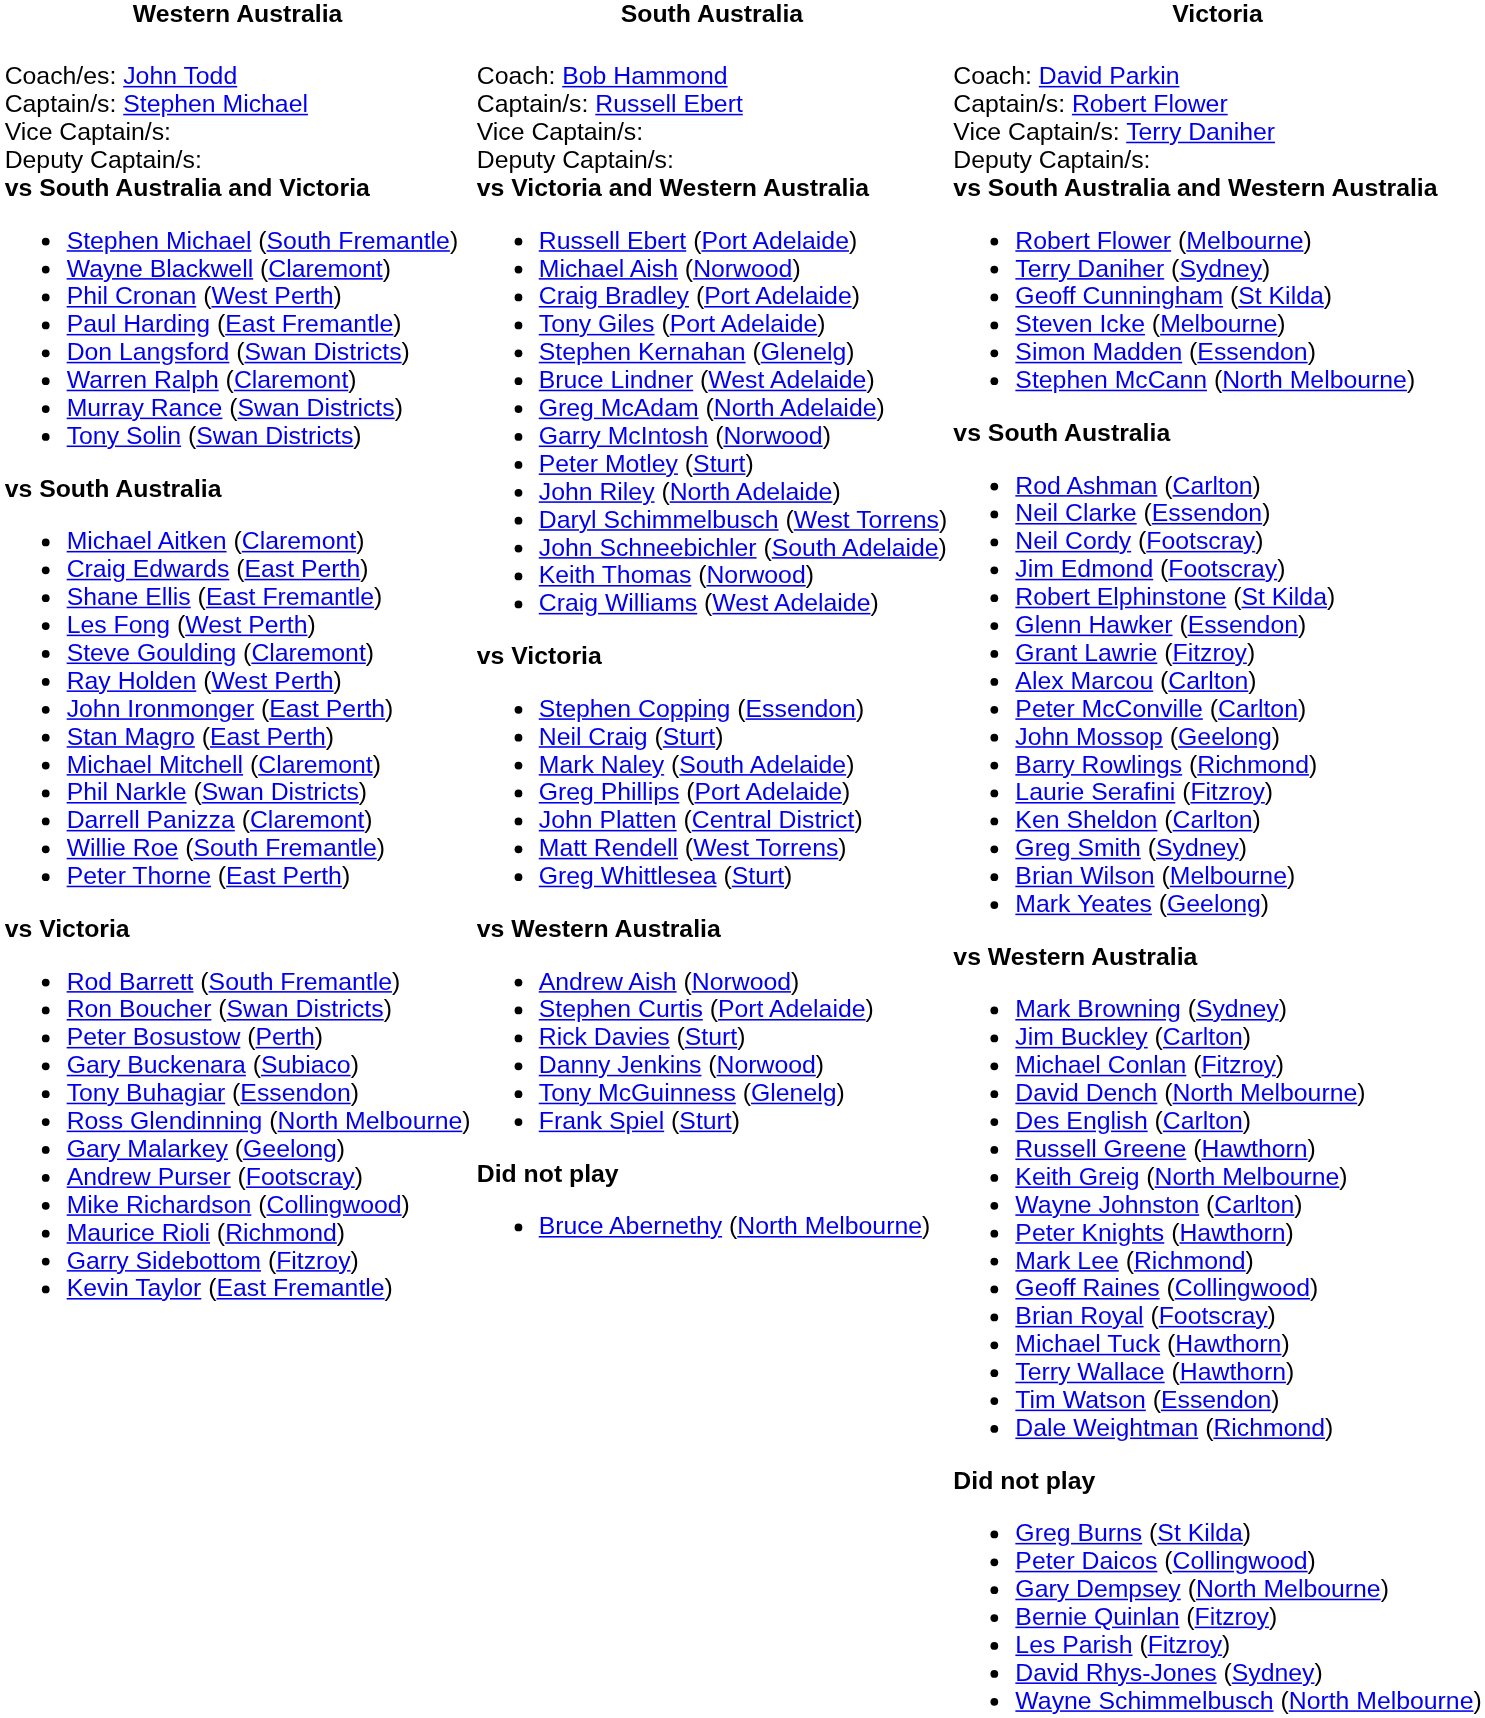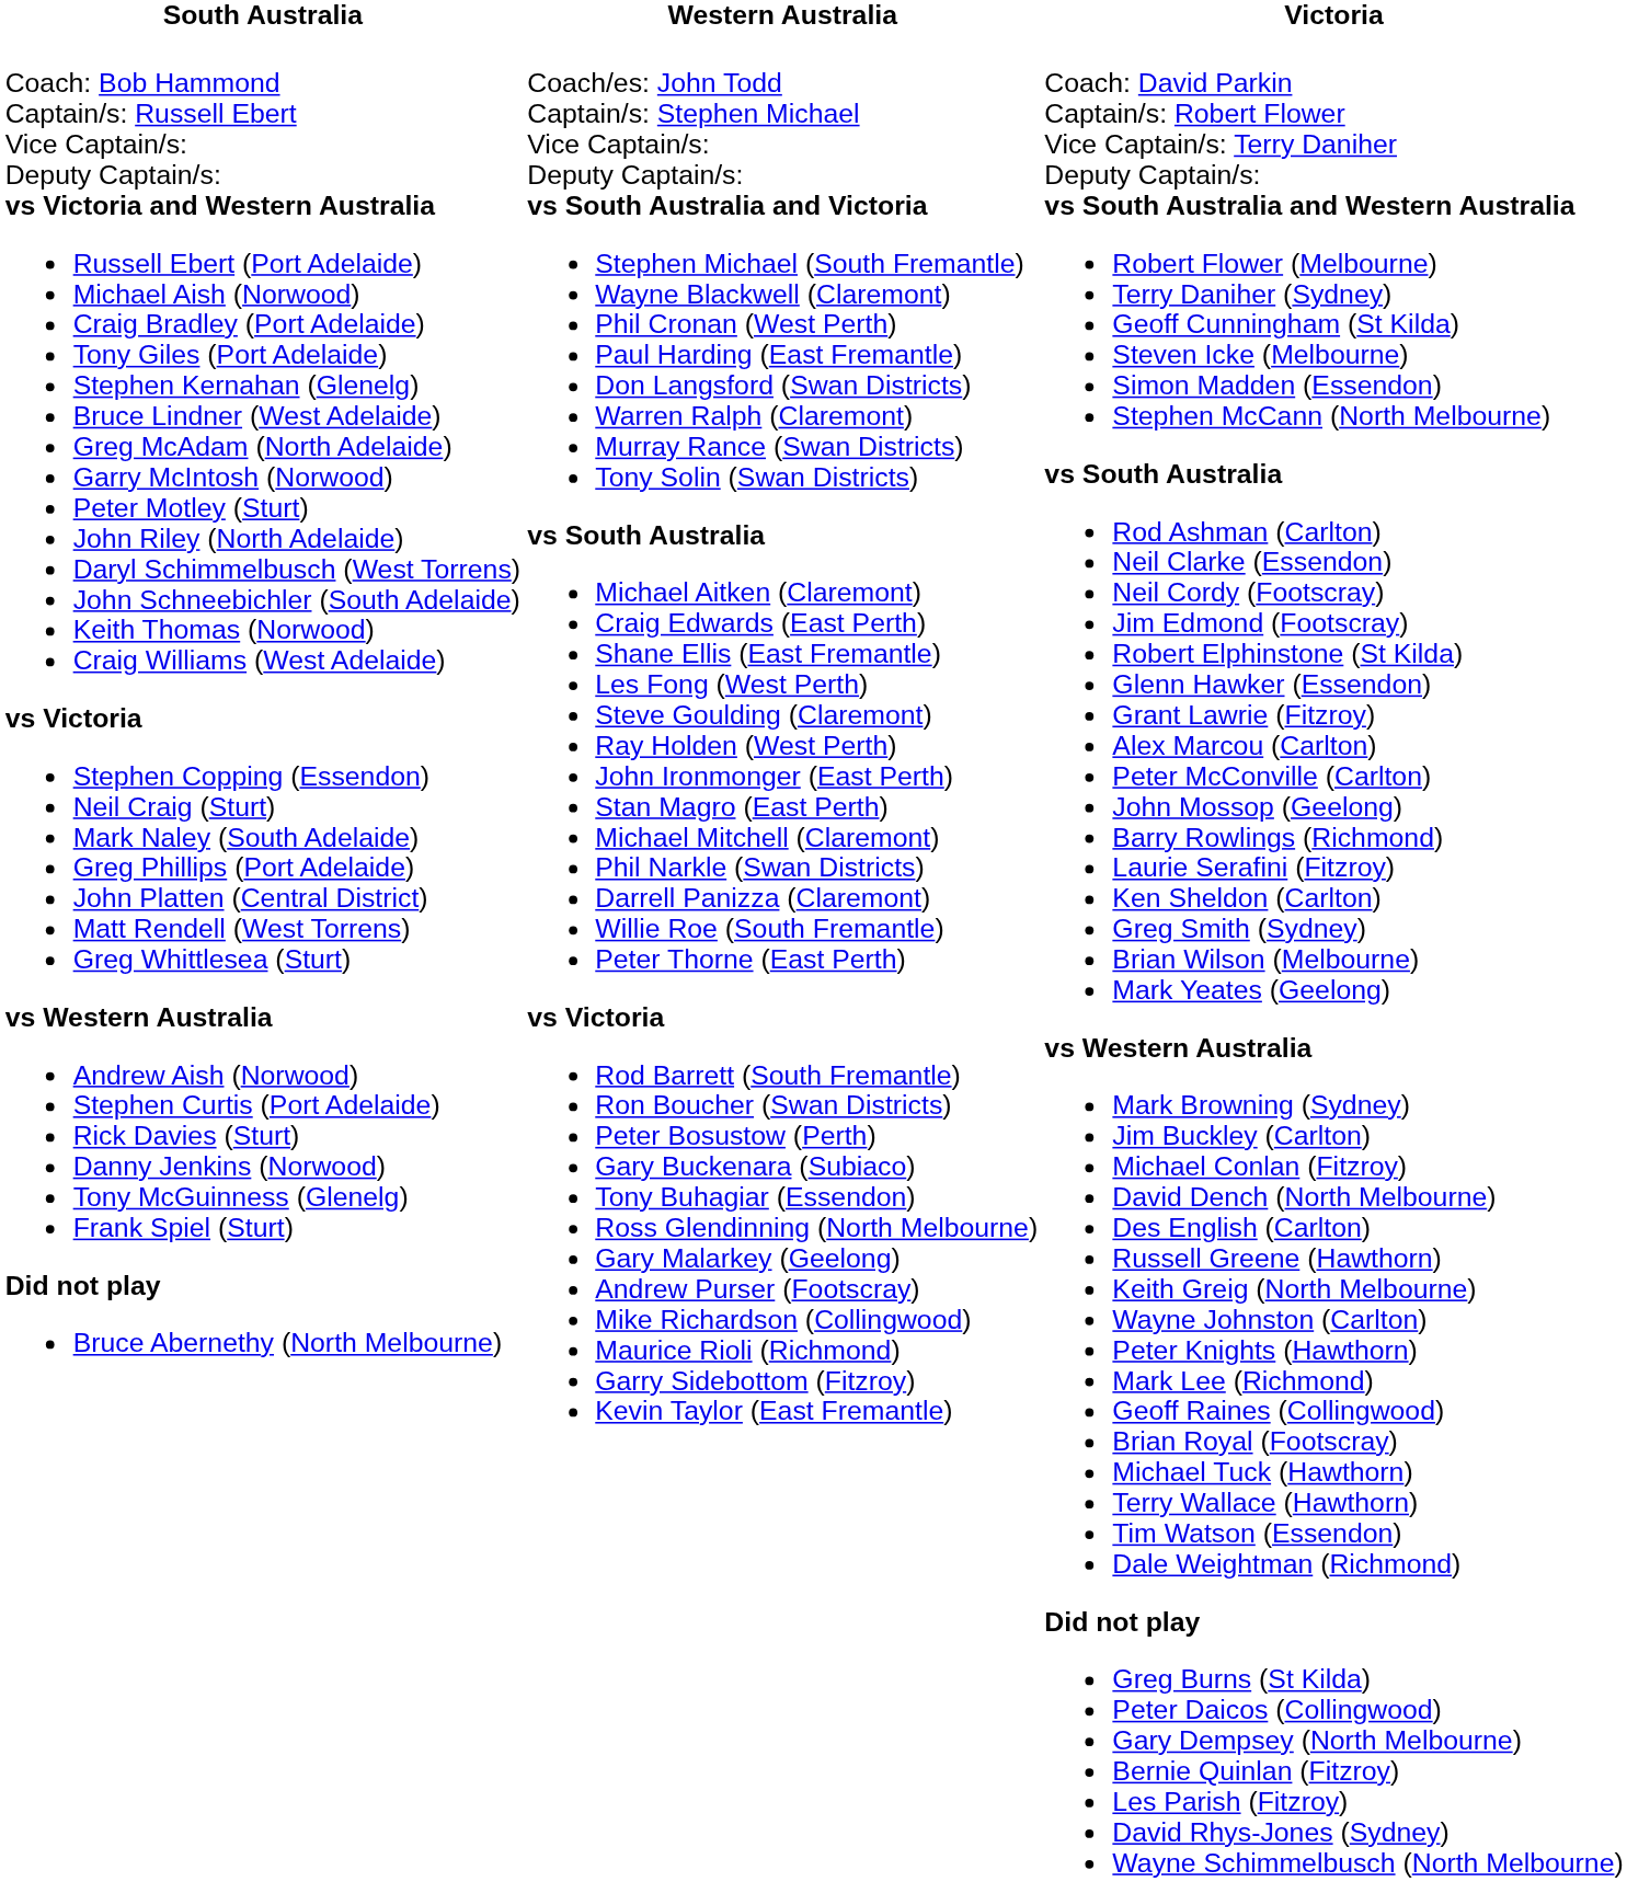 <table>
 <tr>
+<th><span>South Australia </span></th>
 <th><span>Western Australia </span></th>
-<th><span>South Australia </span></th>
 <th><span>Victoria </span></th>
 </tr>
 <tr valign="top">
+<td><br>Coach: <a href='#'>Bob Hammond</a> <br> Captain/s: <a href='#'>Russell Ebert</a> <br> Vice Captain/s: <br>  Deputy Captain/s: <br>  <strong>vs Victoria and Western Australia</strong><ul><li><a href='#'>Russell Ebert</a> (<a href='#'>Port Adelaide</a>)</li><li><a href='#'>Michael Aish</a> (<a href='#'>Norwood</a>)</li><li><a href='#'>Craig Bradley</a> (<a href='#'>Port Adelaide</a>)</li><li><a href='#'>Tony Giles</a> (<a href='#'>Port Adelaide</a>)</li><li><a href='#'>Stephen Kernahan</a> (<a href='#'>Glenelg</a>)</li><li><a href='#'>Bruce Lindner</a> (<a href='#'>West Adelaide</a>)</li><li><a href='#'>Greg McAdam</a> (<a href='#'>North Adelaide</a>)</li><li><a href='#'>Garry McIntosh</a> (<a href='#'>Norwood</a>)</li><li><a href='#'>Peter Motley</a> (<a href='#'>Sturt</a>)</li><li><a href='#'>John Riley</a> (<a href='#'>North Adelaide</a>)</li><li><a href='#'>Daryl Schimmelbusch</a> (<a href='#'>West Torrens</a>)</li><li><a href='#'>John Schneebichler</a> (<a href='#'>South Adelaide</a>)</li><li><a href='#'>Keith Thomas</a> (<a href='#'>Norwood</a>)</li><li><a href='#'>Craig Williams</a> (<a href='#'>West Adelaide</a>)</li></ul><strong>vs Victoria</strong><ul><li><a href='#'>Stephen Copping</a> (<a href='#'>Essendon</a>)</li><li><a href='#'>Neil Craig</a> (<a href='#'>Sturt</a>)</li><li><a href='#'>Mark Naley</a> (<a href='#'>South Adelaide</a>)</li><li><a href='#'>Greg Phillips</a> (<a href='#'>Port Adelaide</a>)</li><li><a href='#'>John Platten</a> (<a href='#'>Central District</a>)</li><li><a href='#'>Matt Rendell</a> (<a href='#'>West Torrens</a>)</li><li><a href='#'>Greg Whittlesea</a> (<a href='#'>Sturt</a>)</li></ul><strong>vs Western Australia</strong><ul><li><a href='#'>Andrew Aish</a> (<a href='#'>Norwood</a>)</li><li><a href='#'>Stephen Curtis</a> (<a href='#'>Port Adelaide</a>)</li><li><a href='#'>Rick Davies</a> (<a href='#'>Sturt</a>)</li><li><a href='#'>Danny Jenkins</a> (<a href='#'>Norwood</a>)</li><li><a href='#'>Tony McGuinness</a> (<a href='#'>Glenelg</a>)</li><li><a href='#'>Frank Spiel</a> (<a href='#'>Sturt</a>)</li></ul><strong>Did not play</strong><ul><li><a href='#'>Bruce Abernethy</a> (<a href='#'>North Melbourne</a>)</li></ul></td>
 <td><br>Coach/es: <a href='#'>John Todd</a> <br> Captain/s: <a href='#'>Stephen Michael</a> <br> Vice Captain/s: <br>  Deputy Captain/s: <br>  <strong>vs South Australia and Victoria</strong><ul><li><a href='#'>Stephen Michael</a> (<a href='#'>South Fremantle</a>)</li><li><a href='#'>Wayne Blackwell</a> (<a href='#'>Claremont</a>)</li><li><a href='#'>Phil Cronan</a> (<a href='#'>West Perth</a>)</li><li><a href='#'>Paul Harding</a> (<a href='#'>East Fremantle</a>)</li><li><a href='#'>Don Langsford</a> (<a href='#'>Swan Districts</a>)</li><li><a href='#'>Warren Ralph</a> (<a href='#'>Claremont</a>)</li><li><a href='#'>Murray Rance</a> (<a href='#'>Swan Districts</a>)</li><li><a href='#'>Tony Solin</a> (<a href='#'>Swan Districts</a>)</li></ul><strong>vs South Australia</strong><ul><li><a href='#'>Michael Aitken</a> (<a href='#'>Claremont</a>)</li><li><a href='#'>Craig Edwards</a> (<a href='#'>East Perth</a>)</li><li><a href='#'>Shane Ellis</a> (<a href='#'>East Fremantle</a>)</li><li><a href='#'>Les Fong</a> (<a href='#'>West Perth</a>)</li><li><a href='#'>Steve Goulding</a> (<a href='#'>Claremont</a>)</li><li><a href='#'>Ray Holden</a> (<a href='#'>West Perth</a>)</li><li><a href='#'>John Ironmonger</a> (<a href='#'>East Perth</a>)</li><li><a href='#'>Stan Magro</a> (<a href='#'>East Perth</a>)</li><li><a href='#'>Michael Mitchell</a> (<a href='#'>Claremont</a>)</li><li><a href='#'>Phil Narkle</a> (<a href='#'>Swan Districts</a>)</li><li><a href='#'>Darrell Panizza</a> (<a href='#'>Claremont</a>)</li><li><a href='#'>Willie Roe</a> (<a href='#'>South Fremantle</a>)</li><li><a href='#'>Peter Thorne</a> (<a href='#'>East Perth</a>)</li></ul><strong>vs Victoria</strong><ul><li><a href='#'>Rod Barrett</a> (<a href='#'>South Fremantle</a>)</li><li><a href='#'>Ron Boucher</a> (<a href='#'>Swan Districts</a>)</li><li><a href='#'>Peter Bosustow</a> (<a href='#'>Perth</a>)</li><li><a href='#'>Gary Buckenara</a> (<a href='#'>Subiaco</a>)</li><li><a href='#'>Tony Buhagiar</a> (<a href='#'>Essendon</a>)</li><li><a href='#'>Ross Glendinning</a> (<a href='#'>North Melbourne</a>)</li><li><a href='#'>Gary Malarkey</a> (<a href='#'>Geelong</a>)</li><li><a href='#'>Andrew Purser</a> (<a href='#'>Footscray</a>)</li><li><a href='#'>Mike Richardson</a> (<a href='#'>Collingwood</a>)</li><li><a href='#'>Maurice Rioli</a> (<a href='#'>Richmond</a>)</li><li><a href='#'>Garry Sidebottom</a> (<a href='#'>Fitzroy</a>)</li><li><a href='#'>Kevin Taylor</a> (<a href='#'>East Fremantle</a>)</li></ul></td>
-<td><br>Coach: <a href='#'>Bob Hammond</a> <br> Captain/s: <a href='#'>Russell Ebert</a> <br> Vice Captain/s: <br>  Deputy Captain/s: <br>  <strong>vs Victoria and Western Australia</strong><ul><li><a href='#'>Russell Ebert</a> (<a href='#'>Port Adelaide</a>)</li><li><a href='#'>Michael Aish</a> (<a href='#'>Norwood</a>)</li><li><a href='#'>Craig Bradley</a> (<a href='#'>Port Adelaide</a>)</li><li><a href='#'>Tony Giles</a> (<a href='#'>Port Adelaide</a>)</li><li><a href='#'>Stephen Kernahan</a> (<a href='#'>Glenelg</a>)</li><li><a href='#'>Bruce Lindner</a> (<a href='#'>West Adelaide</a>)</li><li><a href='#'>Greg McAdam</a> (<a href='#'>North Adelaide</a>)</li><li><a href='#'>Garry McIntosh</a> (<a href='#'>Norwood</a>)</li><li><a href='#'>Peter Motley</a> (<a href='#'>Sturt</a>)</li><li><a href='#'>John Riley</a> (<a href='#'>North Adelaide</a>)</li><li><a href='#'>Daryl Schimmelbusch</a> (<a href='#'>West Torrens</a>)</li><li><a href='#'>John Schneebichler</a> (<a href='#'>South Adelaide</a>)</li><li><a href='#'>Keith Thomas</a> (<a href='#'>Norwood</a>)</li><li><a href='#'>Craig Williams</a> (<a href='#'>West Adelaide</a>)</li></ul><strong>vs Victoria</strong><ul><li><a href='#'>Stephen Copping</a> (<a href='#'>Essendon</a>)</li><li><a href='#'>Neil Craig</a> (<a href='#'>Sturt</a>)</li><li><a href='#'>Mark Naley</a> (<a href='#'>South Adelaide</a>)</li><li><a href='#'>Greg Phillips</a> (<a href='#'>Port Adelaide</a>)</li><li><a href='#'>John Platten</a> (<a href='#'>Central District</a>)</li><li><a href='#'>Matt Rendell</a> (<a href='#'>West Torrens</a>)</li><li><a href='#'>Greg Whittlesea</a> (<a href='#'>Sturt</a>)</li></ul><strong>vs Western Australia</strong><ul><li><a href='#'>Andrew Aish</a> (<a href='#'>Norwood</a>)</li><li><a href='#'>Stephen Curtis</a> (<a href='#'>Port Adelaide</a>)</li><li><a href='#'>Rick Davies</a> (<a href='#'>Sturt</a>)</li><li><a href='#'>Danny Jenkins</a> (<a href='#'>Norwood</a>)</li><li><a href='#'>Tony McGuinness</a> (<a href='#'>Glenelg</a>)</li><li><a href='#'>Frank Spiel</a> (<a href='#'>Sturt</a>)</li></ul><strong>Did not play</strong><ul><li><a href='#'>Bruce Abernethy</a> (<a href='#'>North Melbourne</a>)</li></ul></td>
 <td><br>Coach: <a href='#'>David Parkin</a> <br> Captain/s: <a href='#'>Robert Flower</a> <br>  Vice Captain/s: <a href='#'>Terry Daniher</a> <br>  Deputy Captain/s: <br> <strong>vs South Australia and Western Australia</strong><ul><li><a href='#'>Robert Flower</a> (<a href='#'>Melbourne</a>)</li><li><a href='#'>Terry Daniher</a> (<a href='#'>Sydney</a>)</li><li><a href='#'>Geoff Cunningham</a> (<a href='#'>St Kilda</a>)</li><li><a href='#'>Steven Icke</a> (<a href='#'>Melbourne</a>)</li><li><a href='#'>Simon Madden</a> (<a href='#'>Essendon</a>)</li><li><a href='#'>Stephen McCann</a> (<a href='#'>North Melbourne</a>)</li></ul><strong>vs South Australia</strong><ul><li><a href='#'>Rod Ashman</a> (<a href='#'>Carlton</a>)</li><li><a href='#'>Neil Clarke</a> (<a href='#'>Essendon</a>)</li><li><a href='#'>Neil Cordy</a> (<a href='#'>Footscray</a>)</li><li><a href='#'>Jim Edmond</a> (<a href='#'>Footscray</a>)</li><li><a href='#'>Robert Elphinstone</a> (<a href='#'>St Kilda</a>)</li><li><a href='#'>Glenn Hawker</a> (<a href='#'>Essendon</a>)</li><li><a href='#'>Grant Lawrie</a> (<a href='#'>Fitzroy</a>)</li><li><a href='#'>Alex Marcou</a> (<a href='#'>Carlton</a>)</li><li><a href='#'>Peter McConville</a> (<a href='#'>Carlton</a>)</li><li><a href='#'>John Mossop</a> (<a href='#'>Geelong</a>)</li><li><a href='#'>Barry Rowlings</a> (<a href='#'>Richmond</a>)</li><li><a href='#'>Laurie Serafini</a> (<a href='#'>Fitzroy</a>)</li><li><a href='#'>Ken Sheldon</a> (<a href='#'>Carlton</a>)</li><li><a href='#'>Greg Smith</a> (<a href='#'>Sydney</a>)</li><li><a href='#'>Brian Wilson</a> (<a href='#'>Melbourne</a>)</li><li><a href='#'>Mark Yeates</a> (<a href='#'>Geelong</a>)</li></ul><strong>vs Western Australia</strong><ul><li><a href='#'>Mark Browning</a> (<a href='#'>Sydney</a>)</li><li><a href='#'>Jim Buckley</a> (<a href='#'>Carlton</a>)</li><li><a href='#'>Michael Conlan</a> (<a href='#'>Fitzroy</a>)</li><li><a href='#'>David Dench</a> (<a href='#'>North Melbourne</a>)</li><li><a href='#'>Des English</a> (<a href='#'>Carlton</a>)</li><li><a href='#'>Russell Greene</a> (<a href='#'>Hawthorn</a>)</li><li><a href='#'>Keith Greig</a> (<a href='#'>North Melbourne</a>)</li><li><a href='#'>Wayne Johnston</a> (<a href='#'>Carlton</a>)</li><li><a href='#'>Peter Knights</a> (<a href='#'>Hawthorn</a>)</li><li><a href='#'>Mark Lee</a> (<a href='#'>Richmond</a>)</li><li><a href='#'>Geoff Raines</a> (<a href='#'>Collingwood</a>)</li><li><a href='#'>Brian Royal</a> (<a href='#'>Footscray</a>)</li><li><a href='#'>Michael Tuck</a> (<a href='#'>Hawthorn</a>)</li><li><a href='#'>Terry Wallace</a> (<a href='#'>Hawthorn</a>)</li><li><a href='#'>Tim Watson</a> (<a href='#'>Essendon</a>)</li><li><a href='#'>Dale Weightman</a> (<a href='#'>Richmond</a>)</li></ul><strong>Did not play</strong><ul><li><a href='#'>Greg Burns</a> (<a href='#'>St Kilda</a>)</li><li><a href='#'>Peter Daicos</a> (<a href='#'>Collingwood</a>)</li><li><a href='#'>Gary Dempsey</a> (<a href='#'>North Melbourne</a>)</li><li><a href='#'>Bernie Quinlan</a> (<a href='#'>Fitzroy</a>)</li><li><a href='#'>Les Parish</a> (<a href='#'>Fitzroy</a>)</li><li><a href='#'>David Rhys-Jones</a> (<a href='#'>Sydney</a>)</li><li><a href='#'>Wayne Schimmelbusch</a> (<a href='#'>North Melbourne</a>)</li></ul></td>
 </tr>
 </table>
